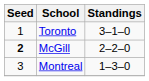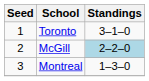 <table class="wikitable">
 <tr>
 <th>Seed</th>
 <th>School</th>
 <th>Standings</th>
 </tr>
 <tr>
 <td align=center>1</td>
 <td><a href='#'>Toronto</a></td>
 <td align=center>3–1–0</td>
 </tr>
 <tr>
-<td align=center><strong>2</strong></td>
+<td align=center>2</td>
 <td><a href='#'>McGill</a></td>
-<td align=center>2–2–0</td>
+<td align=center style="background: lightblue;">2–2–0</td>
 </tr>
 <tr>
 <td align=center>3</td>
 <td><a href='#'>Montreal</a></td>
 <td align=center>1–3–0</td>
 </tr>
 <tr>
 </tr>
 </table>
